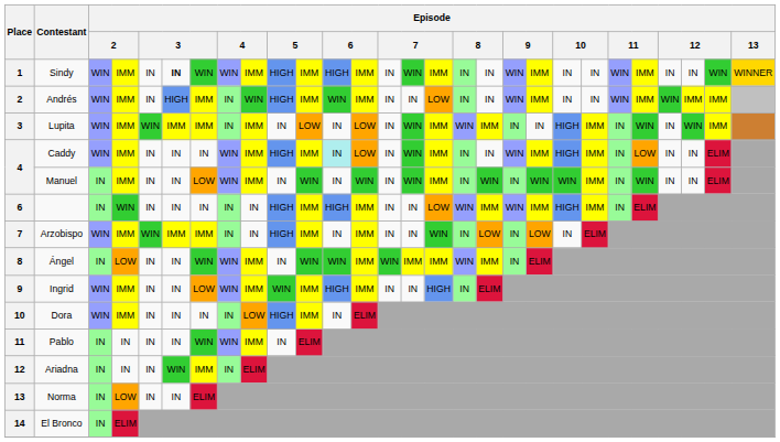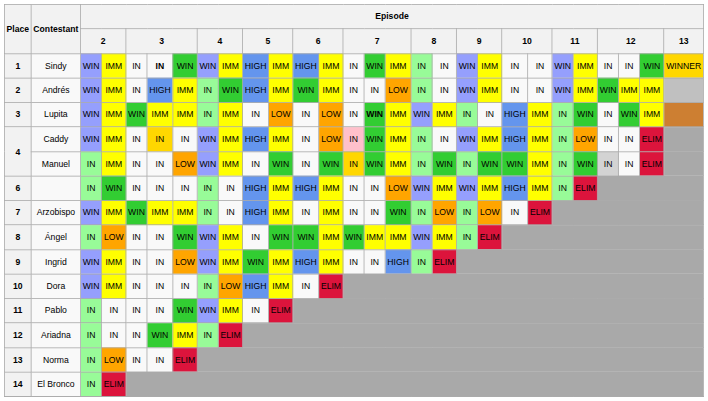 <table class="wikitable" style="text-align: center; font-size: 8pt; line-height:25px;">
 <tr>
 <th rowspan="2">Place</th>
 <th rowspan="2">Contestant</th>
 <th colspan="26">Episode</th>
 </tr>
 <tr>
 <th colspan="2">2</th>
 <th colspan="3">3</th>
 <th colspan="2">4</th>
 <th colspan="2">5</th>
 <th colspan="2">6</th>
 <th colspan="3">7</th>
 <th colspan="2">8</th>
 <th colspan="2">9</th>
 <th colspan="2">10</th>
 <th colspan="2">11</th>
 <th colspan="3">12</th>
 <th>13</th>
 </tr>
 <tr>
 <th>1</th>
 <td>Sindy</td>
 <td style="background:#959FFD;">WIN</td>
 <td style="background:yellow;">IMM</td>
 <td>IN</td>
 <td><strong>IN</strong></td>
 <td style="background:limegreen">WIN</td>
 <td style="background:#959FFD;">WIN</td>
 <td style="background:yellow;">IMM</td>
 <td style="background:cornflowerblue;">HIGH</td>
 <td style="background:yellow;">IMM</td>
 <td style="background:cornflowerblue;">HIGH</td>
 <td style="background:yellow;">IMM</td>
 <td>IN</td>
 <td style="background:limegreen">WIN</td>
 <td style="background:yellow;">IMM</td>
 <td style="background:palegreen">IN</td>
 <td>IN</td>
 <td style="background:#959FFD;">WIN</td>
 <td style="background:yellow;">IMM</td>
 <td>IN</td>
 <td>IN</td>
 <td style="background:#959FFD;">WIN</td>
 <td style="background:yellow;">IMM</td>
 <td>IN</td>
 <td>IN</td>
 <td style="background:limegreen">WIN</td>
 <td style="background:gold;">WINNER</td>
 </tr>
 <tr>
 <th>2</th>
 <td>Andrés</td>
 <td style="background:#959FFD;">WIN</td>
 <td style="background:yellow;">IMM</td>
 <td>IN</td>
 <td style="background:cornflowerblue;">HIGH</td>
 <td style="background:yellow;">IMM</td>
 <td style="background:palegreen">IN</td>
 <td style="background:limegreen">WIN</td>
 <td style="background:cornflowerblue;">HIGH</td>
 <td style="background:yellow;">IMM</td>
 <td style="background:limegreen">WIN</td>
 <td style="background:yellow;">IMM</td>
 <td>IN</td>
 <td>IN</td>
 <td style="background:orange;">LOW</td>
 <td style="background:palegreen">IN</td>
 <td>IN</td>
 <td style="background:#959FFD;">WIN</td>
 <td style="background:yellow;">IMM</td>
 <td>IN</td>
 <td>IN</td>
 <td style="background:#959FFD;">WIN</td>
 <td style="background:yellow;">IMM</td>
 <td style="background:limegreen">WIN</td>
 <td style="background:yellow;">IMM</td>
 <td style="background:yellow;">IMM</td>
 <td style="background:silver;"></td>
 </tr>
 <tr>
 <th>3</th>
 <td>Lupita</td>
 <td style="background:#959FFD;">WIN</td>
 <td style="background:yellow;">IMM</td>
 <td style="background:limegreen">WIN</td>
 <td style="background:yellow;">IMM</td>
 <td style="background:yellow;">IMM</td>
 <td style="background:palegreen">IN</td>
 <td style="background:yellow;">IMM</td>
 <td>IN</td>
 <td style="background:orange;">LOW</td>
 <td>IN</td>
 <td style="background:orange;">LOW</td>
 <td>IN</td>
-<td style="background:limegreen">WIN</td>
+<td style="background:limegreen"><strong>WIN</strong></td>
 <td style="background:yellow;">IMM</td>
 <td style="background:#959FFD;">WIN</td>
 <td style="background:yellow;">IMM</td>
 <td style="background:palegreen">IN</td>
 <td>IN</td>
 <td style="background:cornflowerblue;">HIGH</td>
 <td style="background:yellow;">IMM</td>
 <td style="background:palegreen">IN</td>
 <td style="background:limegreen">WIN</td>
 <td>IN</td>
 <td style="background:limegreen">WIN</td>
 <td style="background:yellow;">IMM</td>
 <td style="background:#CD7F32;"></td>
 </tr>
 <tr>
 <th rowspan="2">4</th>
 <td>Caddy</td>
 <td style="background:#959FFD;">WIN</td>
 <td style="background:yellow;">IMM</td>
 <td>IN</td>
-<td>IN</td>
+<td style="background: gold;">IN</td>
 <td>IN</td>
 <td style="background:#959FFD;">WIN</td>
 <td style="background:yellow;">IMM</td>
 <td style="background:cornflowerblue;">HIGH</td>
 <td style="background:yellow;">IMM</td>
-<td style="background: paleturquoise;">IN</td>
+<td>IN</td>
 <td style="background:orange;">LOW</td>
-<td>IN</td>
+<td style="background: pink;">IN</td>
 <td style="background:limegreen">WIN</td>
 <td style="background:yellow;">IMM</td>
 <td style="background:palegreen">IN</td>
 <td>IN</td>
 <td style="background:#959FFD;">WIN</td>
 <td style="background:yellow;">IMM</td>
 <td style="background:cornflowerblue;">HIGH</td>
 <td style="background:yellow;">IMM</td>
 <td style="background:palegreen">IN</td>
 <td style="background:orange;">LOW</td>
 <td>IN</td>
 <td>IN</td>
 <td style="background:crimson;">ELIM</td>
 <td style="background:darkgrey;"></td>
 </tr>
 <tr>
 <td>Manuel</td>
 <td style="background:palegreen">IN</td>
 <td style="background:yellow;">IMM</td>
 <td>IN</td>
 <td>IN</td>
 <td style="background:orange;">LOW</td>
 <td style="background:#959FFD;">WIN</td>
 <td style="background:yellow;">IMM</td>
 <td>IN</td>
 <td style="background:limegreen">WIN</td>
 <td>IN</td>
 <td style="background:limegreen">WIN</td>
-<td>IN</td>
+<td style="background: gold;">IN</td>
 <td style="background:limegreen">WIN</td>
 <td style="background:yellow;">IMM</td>
 <td style="background:palegreen">IN</td>
 <td style="background:limegreen">WIN</td>
 <td style="background:palegreen">IN</td>
 <td style="background:limegreen">WIN</td>
 <td style="background:limegreen">WIN</td>
 <td style="background:yellow;">IMM</td>
 <td style="background:palegreen">IN</td>
 <td style="background:limegreen">WIN</td>
-<td>IN</td>
+<td style="background: lightgrey;">IN</td>
 <td>IN</td>
 <td style="background:crimson;">ELIM</td>
 <td style="background:darkgrey;"></td>
 </tr>
 <tr>
 <th>6</th>
 <td></td>
 <td style="background:palegreen">IN</td>
 <td style="background:limegreen">WIN</td>
 <td>IN</td>
 <td>IN</td>
 <td>IN</td>
 <td style="background:palegreen">IN</td>
 <td>IN</td>
 <td style="background:cornflowerblue;">HIGH</td>
 <td style="background:yellow;">IMM</td>
 <td style="background:cornflowerblue;">HIGH</td>
 <td style="background:yellow;">IMM</td>
 <td>IN</td>
 <td>IN</td>
 <td style="background:orange;">LOW</td>
 <td style="background:#959FFD;">WIN</td>
 <td style="background:yellow;">IMM</td>
 <td style="background:#959FFD;">WIN</td>
 <td style="background:yellow;">IMM</td>
 <td style="background:cornflowerblue;">HIGH</td>
 <td style="background:yellow;">IMM</td>
 <td style="background:palegreen">IN</td>
 <td style="background:crimson;">ELIM</td>
 <td style="background:darkgrey;" colspan="4"></td>
 </tr>
 <tr>
 <th>7</th>
 <td>Arzobispo</td>
 <td style="background:#959FFD;">WIN</td>
 <td style="background:yellow;">IMM</td>
 <td style="background:limegreen">WIN</td>
 <td style="background:yellow;">IMM</td>
 <td style="background:yellow;">IMM</td>
 <td style="background:palegreen">IN</td>
 <td>IN</td>
 <td style="background:cornflowerblue;">HIGH</td>
 <td style="background:yellow;">IMM</td>
 <td>IN</td>
 <td style="background:yellow;">IMM</td>
 <td>IN</td>
 <td>IN</td>
 <td style="background:limegreen">WIN</td>
 <td style="background:palegreen">IN</td>
 <td style="background:orange;">LOW</td>
 <td style="background:palegreen">IN</td>
 <td style="background:orange;">LOW</td>
 <td>IN</td>
 <td style="background:crimson;">ELIM</td>
 <td style="background:darkgrey;" colspan="6"></td>
 </tr>
 <tr>
 <th>8</th>
 <td>Ángel</td>
 <td style="background:palegreen">IN</td>
 <td style="background:orange;">LOW</td>
 <td>IN</td>
 <td>IN</td>
 <td style="background:limegreen">WIN</td>
 <td style="background:#959FFD;">WIN</td>
 <td style="background:yellow;">IMM</td>
 <td>IN</td>
 <td style="background:limegreen">WIN</td>
 <td style="background:limegreen">WIN</td>
 <td style="background:yellow;">IMM</td>
 <td style="background:limegreen">WIN</td>
 <td style="background:yellow;">IMM</td>
 <td style="background:yellow;">IMM</td>
 <td style="background:#959FFD;">WIN</td>
 <td style="background:yellow;">IMM</td>
 <td style="background:palegreen">IN</td>
 <td style="background:crimson;">ELIM</td>
 <td style="background:darkgrey;" colspan="8"></td>
 </tr>
 <tr>
 <th>9</th>
 <td>Ingrid</td>
 <td style="background:#959FFD;">WIN</td>
 <td style="background:yellow;">IMM</td>
 <td>IN</td>
 <td>IN</td>
 <td style="background:orange;">LOW</td>
 <td style="background:#959FFD;">WIN</td>
 <td style="background:yellow;">IMM</td>
 <td style="background:limegreen">WIN</td>
 <td style="background:yellow;">IMM</td>
 <td style="background:cornflowerblue;">HIGH</td>
 <td style="background:yellow;">IMM</td>
 <td>IN</td>
 <td>IN</td>
 <td style="background:cornflowerblue;">HIGH</td>
 <td style="background:palegreen">IN</td>
 <td style="background:crimson;">ELIM</td>
 <td style="background:darkgrey;" colspan="10"></td>
 </tr>
 <tr>
 <th>10</th>
 <td>Dora</td>
 <td style="background:#959FFD;">WIN</td>
 <td style="background:yellow;">IMM</td>
 <td>IN</td>
 <td>IN</td>
 <td>IN</td>
 <td style="background:palegreen">IN</td>
 <td style="background:orange;">LOW</td>
 <td style="background:cornflowerblue;">HIGH</td>
 <td style="background:yellow;">IMM</td>
 <td>IN</td>
 <td style="background:crimson;">ELIM</td>
 <td style="background:darkgrey;" colspan="15"></td>
 </tr>
 <tr>
 <th>11</th>
 <td>Pablo</td>
 <td style="background:palegreen">IN</td>
 <td>IN</td>
 <td>IN</td>
 <td>IN</td>
 <td style="background:limegreen">WIN</td>
 <td style="background:#959FFD;">WIN</td>
 <td style="background:yellow;">IMM</td>
 <td>IN</td>
 <td style="background:crimson;">ELIM</td>
 <td style="background:darkgrey;" colspan="17"></td>
 </tr>
 <tr>
 <th>12</th>
 <td>Ariadna</td>
 <td style="background:palegreen">IN</td>
 <td>IN</td>
 <td>IN</td>
 <td style="background:limegreen">WIN</td>
 <td style="background:yellow;">IMM</td>
 <td style="background:palegreen">IN</td>
 <td style="background:crimson;">ELIM</td>
 <td style="background:darkgrey;" colspan="19"></td>
 </tr>
 <tr>
 <th>13</th>
 <td>Norma</td>
 <td style="background:palegreen">IN</td>
 <td style="background:orange;">LOW</td>
 <td>IN</td>
 <td>IN</td>
 <td style="background:crimson;">ELIM</td>
 <td style="background:darkgrey;" colspan="21"></td>
 </tr>
 <tr>
 <th>14</th>
 <td>El Bronco</td>
 <td style="background:palegreen">IN</td>
 <td style="background:crimson;">ELIM</td>
 <td style="background:darkgrey;" colspan="24"></td>
 </tr>
 <tr>
 </tr>
 </table>
